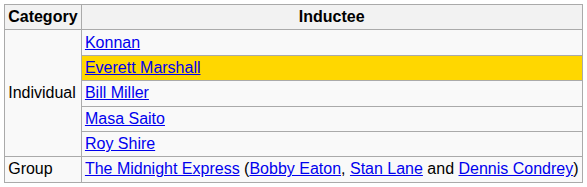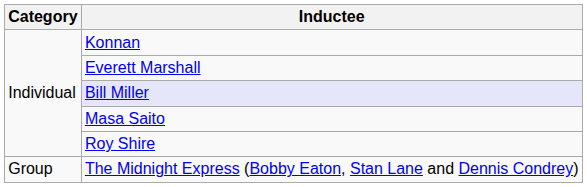 <table class="wikitable">
 <tr>
 <th>Category</th>
 <th>Inductee</th>
 </tr>
 <tr>
 <td rowspan=5>Individual</td>
 <td><a href='#'>Konnan</a></td>
 </tr>
 <tr>
-<td style="background: gold;"><a href='#'>Everett Marshall</a></td>
+<td><a href='#'>Everett Marshall</a></td>
 </tr>
 <tr>
-<td><a href='#'>Bill Miller</a></td>
+<td style="background: lavender;"><a href='#'>Bill Miller</a></td>
 </tr>
 <tr>
 <td><a href='#'>Masa Saito</a></td>
 </tr>
 <tr>
 <td><a href='#'>Roy Shire</a></td>
 </tr>
 <tr>
 <td>Group</td>
 <td><a href='#'>The Midnight Express</a> (<a href='#'>Bobby Eaton</a>, <a href='#'>Stan Lane</a> and <a href='#'>Dennis Condrey</a>)</td>
 </tr>
 <tr>
 </tr>
 </table>
